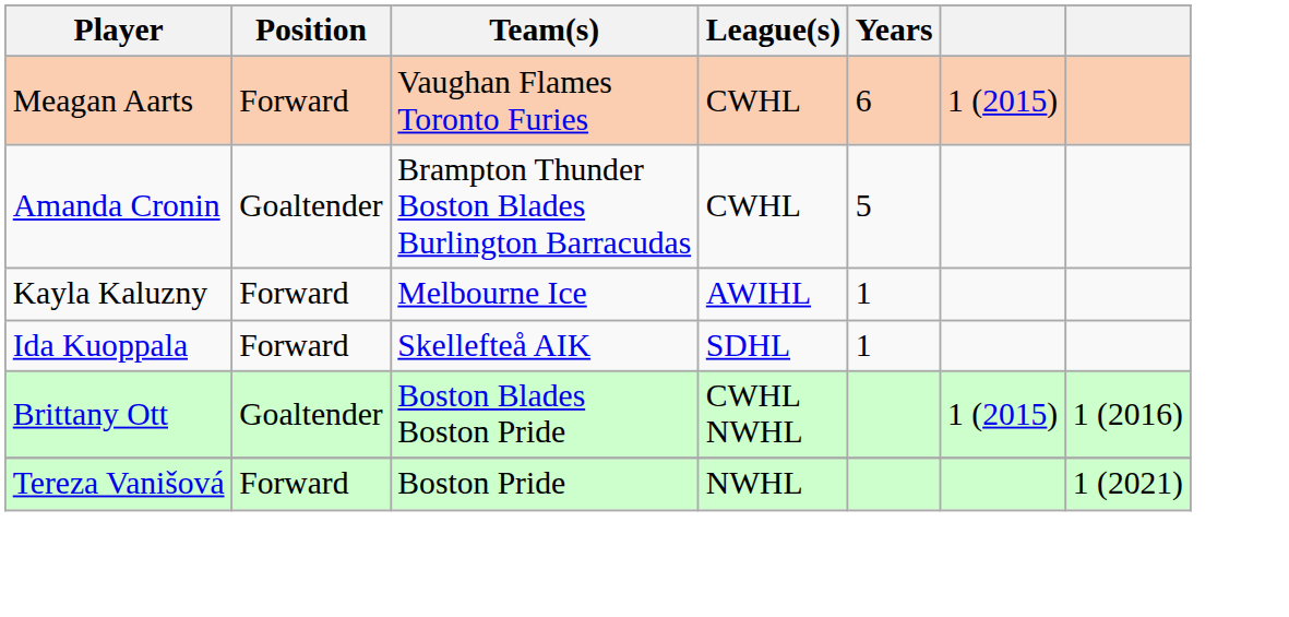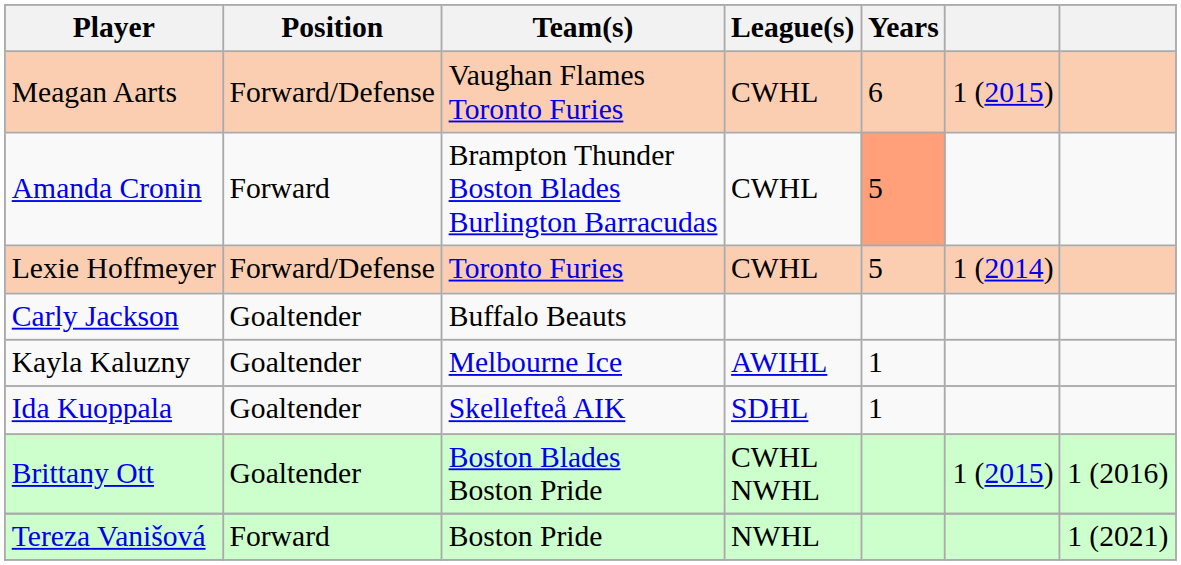 <table class="wikitable sortable">
 <tr>
 <th>Player</th>
 <th>Position</th>
 <th>Team(s)</th>
 <th>League(s)</th>
 <th>Years</th>
 <th><a href='#'></a></th>
 <th><a href='#'></a></th>
 </tr>
 <tr bgcolor=FBCEB1>
 <td>Meagan Aarts</td>
-<td>Forward</td>
+<td>Forward/Defense</td>
 <td>Vaughan Flames<br><a href='#'>Toronto Furies</a></td>
 <td>CWHL</td>
 <td>6</td>
 <td>1 (<a href='#'>2015</a>)</td>
 <td></td>
 </tr>
 <tr>
 <td><a href='#'>Amanda Cronin</a></td>
-<td>Goaltender</td>
+<td>Forward</td>
 <td>Brampton Thunder<br><a href='#'>Boston Blades</a><br><a href='#'>Burlington Barracudas</a></td>
 <td>CWHL</td>
+<td style="background: lightsalmon;">5</td>
+<td></td>
+<td></td>
+</tr>
+<tr bgcolor=FBCEB1>
+<td>Lexie Hoffmeyer</td>
+<td>Forward/Defense</td>
+<td><a href='#'>Toronto Furies</a></td>
+<td>CWHL</td>
 <td>5</td>
+<td>1 (<a href='#'>2014</a>)</td>
+<td></td>
+</tr>
+<tr bgcolor=>
+<td><a href='#'>Carly Jackson</a></td>
+<td>Goaltender</td>
+<td>Buffalo Beauts</td>
+<td></td>
+<td></td>
 <td></td>
 <td></td>
 </tr>
 <tr bgcolor=>
 <td>Kayla Kaluzny</td>
-<td>Forward</td>
+<td>Goaltender</td>
 <td><a href='#'>Melbourne Ice</a></td>
 <td><a href='#'>AWIHL</a></td>
 <td>1</td>
 <td></td>
 <td></td>
 </tr>
 <tr bgcolor=>
 <td><a href='#'>Ida Kuoppala</a></td>
-<td>Forward</td>
+<td>Goaltender</td>
 <td><a href='#'>Skellefteå AIK</a></td>
 <td><a href='#'>SDHL</a></td>
 <td>1</td>
 <td></td>
 <td></td>
 </tr>
 <tr bgcolor= CCFFCC>
 <td><a href='#'>Brittany Ott</a></td>
 <td>Goaltender</td>
 <td><a href='#'>Boston Blades</a><br>Boston Pride</td>
 <td>CWHL<br>NWHL</td>
 <td></td>
 <td>1 (<a href='#'>2015</a>)</td>
 <td>1 (2016)</td>
 </tr>
 <tr>
 </tr>
 <tr bgcolor= CCFFCC>
 <td><a href='#'>Tereza Vanišová</a></td>
 <td>Forward</td>
 <td>Boston Pride</td>
 <td>NWHL</td>
 <td></td>
 <td></td>
 <td>1 (2021)</td>
 </tr>
 </table>
